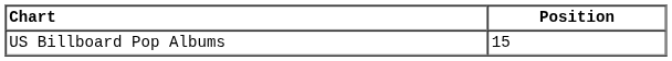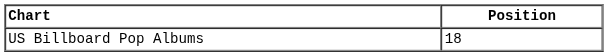 <table border=1 cellspacing=0 cellpadding=2 width="550px">
 <tr>
 <th align="left">Chart</th>
 <th align="centre">Position</th>
 </tr>
 <tr>
 <td align="left">US Billboard Pop Albums</td>
-<td align="centre">15</td>
+<td align="centre">18</td>
 </tr>
 </table>
